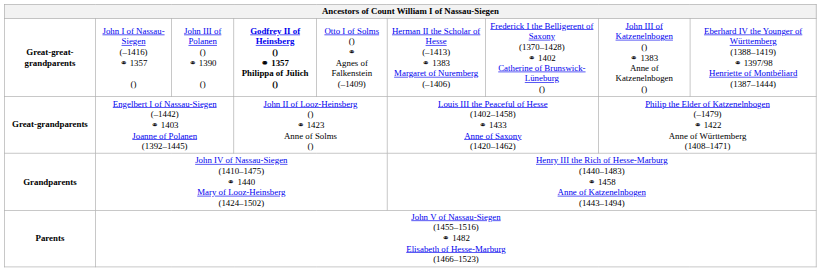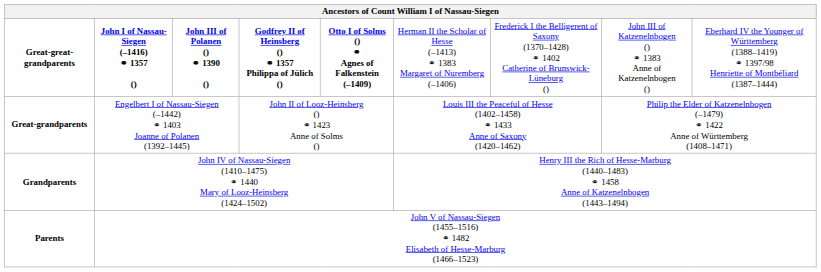 <table class="wikitable" style="background:#FFFFFF; font-size:85%; text-align:center">
 <tr bgcolor="#E0E0E0">
 <th colspan="9">Ancestors of Count William I of Nassau-Siegen</th>
 </tr>
 <tr>
 <td><strong>Great-great-grandparents</strong></td>
-<td colspan="1"><a href='#'>John I of Nassau-Siegen</a><br>(–1416)<br>⚭ 1357<br><br>()</td>
-<td colspan="1"><a href='#'>John III of Polanen</a><br>()<br>⚭ 1390<br><br>()</td>
+<td colspan="1"><strong><a href='#'>John I of Nassau-Siegen</a><br>(–1416)<br>⚭ 1357<br><br>()</strong></td>
+<td colspan="1"><strong><a href='#'>John III of Polanen</a><br>()<br>⚭ 1390<br><br>()</strong></td>
 <td colspan="1"><strong><a href='#'>Godfrey II of Heinsberg</a><br>()<br>⚭ 1357<br>Philippa of Jülich<br>()</strong></td>
-<td colspan="1"><a href='#'>Otto I of Solms</a><br>()<br>⚭<br>Agnes of Falkenstein<br>(–1409)</td>
+<td colspan="1"><strong><a href='#'>Otto I of Solms</a><br>()<br>⚭<br>Agnes of Falkenstein<br>(–1409)</strong></td>
 <td colspan="1"><a href='#'>Herman II the Scholar of Hesse</a><br>(–1413)<br>⚭ 1383<br><a href='#'>Margaret of Nuremberg</a><br>(–1406)</td>
 <td colspan="1"><a href='#'>Frederick I the Belligerent of Saxony</a><br>(1370–1428)<br>⚭ 1402<br><a href='#'>Catherine of Brunswick-Lüneburg</a><br>()</td>
 <td colspan="1"><a href='#'>John III of Katzenelnbogen</a><br>()<br>⚭ 1383<br>Anne of Katzenelnbogen<br>()</td>
 <td colspan="1"><a href='#'>Eberhard IV the Younger of Württemberg</a><br>(1388–1419)<br>⚭ 1397/98<br><a href='#'>Henriette of Montbéliard</a><br>(1387–1444)</td>
 </tr>
 <tr>
 <td><strong>Great-grandparents</strong></td>
 <td colspan="2"><a href='#'>Engelbert I of Nassau-Siegen</a><br>(–1442)<br>⚭ 1403<br><a href='#'>Joanne of Polanen</a><br>(1392–1445)</td>
 <td colspan="2"><a href='#'>John II of Looz-Heinsberg</a><br>()<br>⚭ 1423<br>Anne of Solms<br>()</td>
 <td colspan="2"><a href='#'>Louis III the Peaceful of Hesse</a><br>(1402–1458)<br>⚭ 1433<br><a href='#'>Anne of Saxony</a><br>(1420–1462)</td>
 <td colspan="2"><a href='#'>Philip the Elder of Katzenelnbogen</a><br>(–1479)<br>⚭ 1422<br>Anne of Württemberg<br>(1408–1471)</td>
 </tr>
 <tr>
 <td><strong>Grandparents</strong></td>
 <td colspan="4"><a href='#'>John IV of Nassau-Siegen</a><br>(1410–1475)<br>⚭ 1440<br><a href='#'>Mary of Looz-Heinsberg</a><br>(1424–1502)</td>
 <td colspan="4"><a href='#'>Henry III the Rich of Hesse-Marburg</a><br>(1440–1483)<br>⚭ 1458<br><a href='#'>Anne of Katzenelnbogen</a><br>(1443–1494)</td>
 </tr>
 <tr>
 <td><strong>Parents</strong></td>
 <td colspan="8"><a href='#'>John V of Nassau-Siegen</a><br>(1455–1516)<br>⚭ 1482<br><a href='#'>Elisabeth of Hesse-Marburg</a><br>(1466–1523)</td>
 </tr>
 </table>
